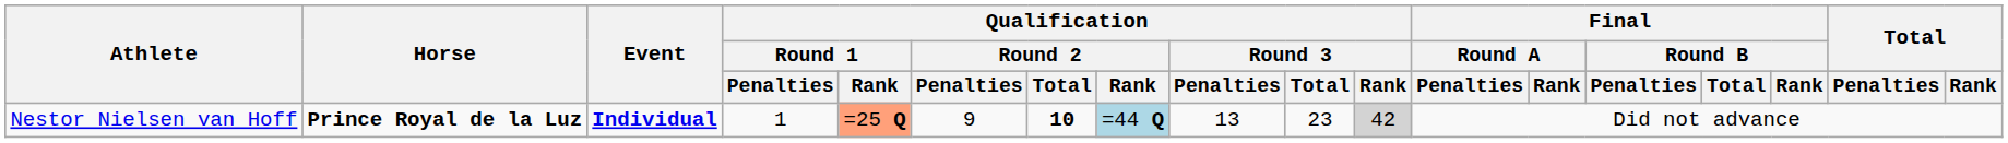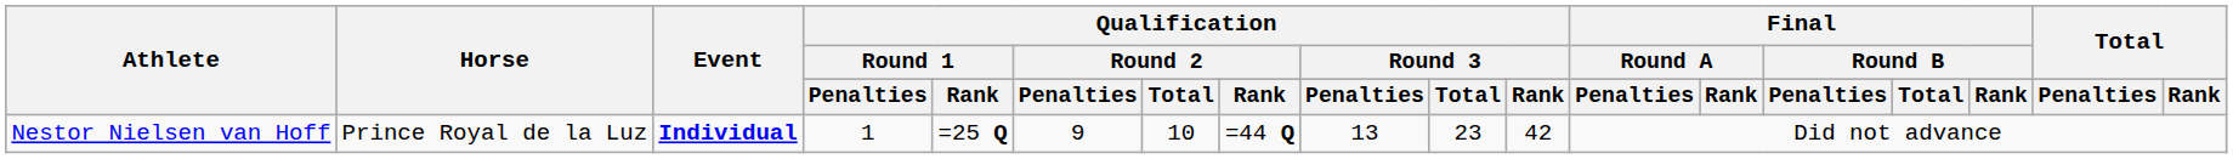 <table class="wikitable" style="font-size:90%">
 <tr>
 <th rowspan="3">Athlete</th>
 <th rowspan="3">Horse</th>
 <th rowspan="3">Event</th>
 <th colspan="8">Qualification</th>
 <th colspan="5">Final</th>
 <th rowspan=2 colspan="2">Total</th>
 </tr>
 <tr style="font-size:95%">
 <th colspan="2">Round 1</th>
 <th colspan="3">Round 2</th>
 <th colspan="3">Round 3</th>
 <th colspan="2">Round A</th>
 <th colspan="3">Round B</th>
 </tr>
 <tr style="font-size:95%">
 <th>Penalties</th>
 <th>Rank</th>
 <th>Penalties</th>
 <th>Total</th>
 <th>Rank</th>
 <th>Penalties</th>
 <th>Total</th>
 <th>Rank</th>
 <th>Penalties</th>
 <th>Rank</th>
 <th>Penalties</th>
 <th>Total</th>
 <th>Rank</th>
 <th>Penalties</th>
 <th>Rank</th>
 </tr>
 <tr align=center>
 <td align=left><a href='#'>Nestor Nielsen van Hoff</a></td>
-<td align=left><strong>Prince Royal de la Luz</strong></td>
+<td align=left>Prince Royal de la Luz</td>
 <td align=left><strong><a href='#'>Individual</a></strong></td>
 <td>1</td>
-<td style="background: lightsalmon;">=25 <strong>Q</strong></td>
+<td>=25 <strong>Q</strong></td>
 <td>9</td>
-<td><strong>10</strong></td>
-<td style="background: lightblue;">=44 <strong>Q</strong></td>
+<td>10</td>
+<td>=44 <strong>Q</strong></td>
 <td>13</td>
 <td>23</td>
-<td style="background: lightgrey;">42</td>
+<td>42</td>
 <td colspan=7>Did not advance</td>
 </tr>
 </table>
